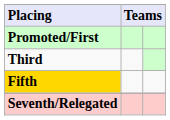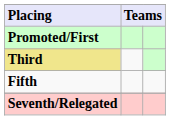 <table class=wikitable>
 <tr>
 </tr>
 <tr style="background: #E6E6FA;">
 <td><strong>Placing</strong></td>
 <td colspan="4" style="text-align:center"><strong>Teams</strong></td>
 </tr>
 <tr style="background: #ccffcc;">
 <td><strong>Promoted/First</strong></td>
 <td><strong></strong></td>
 <td><strong></strong></td>
 </tr>
 <tr>
-<td><strong>Third</strong></td>
+<td style="background: khaki;"><strong>Third</strong></td>
 <td></td>
 <td style="background: #ccffcc;"><strong></strong></td>
 </tr>
 <tr>
-<td style="background: gold;"><strong>Fifth</strong></td>
+<td><strong>Fifth</strong></td>
 <td></td>
 <td></td>
 </tr>
 <tr>
 </tr>
 <tr style="background: #ffcccc;">
 <td><strong>Seventh/Relegated</strong></td>
 <td><em></em></td>
 <td><em></em></td>
 </tr>
 </table>
